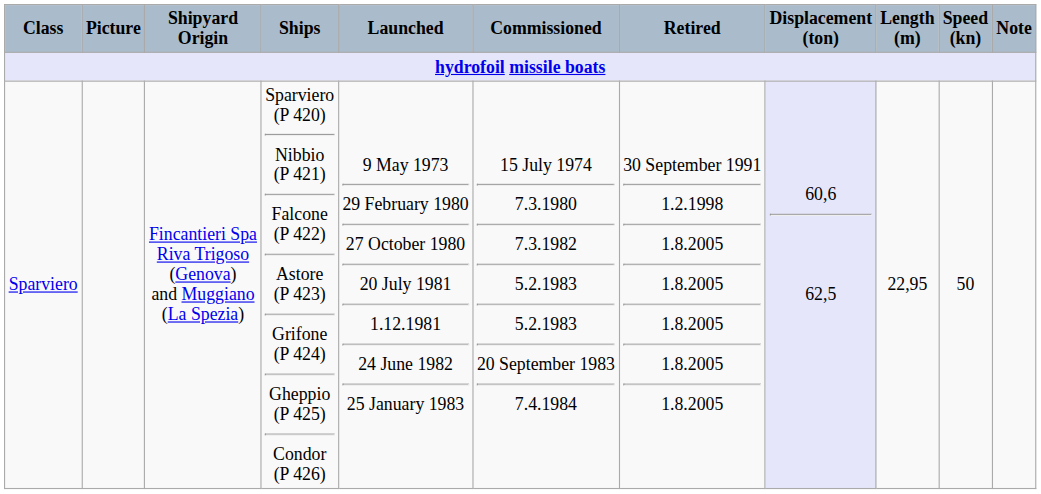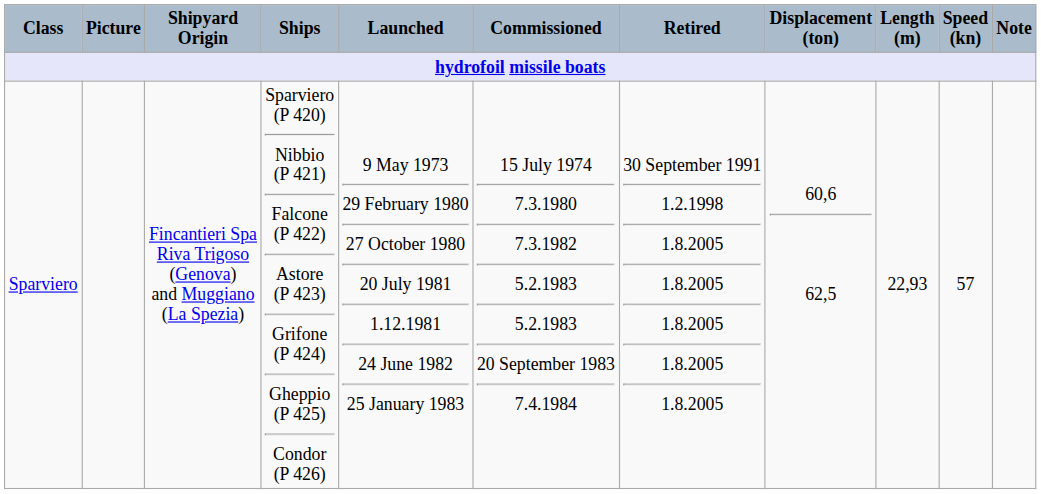 <table class="wikitable" style="text-align:center;">
 <tr>
 <th style="text-align: central; background: #aabccc;">Class</th>
 <th style="text-align: central; background: #aabccc;">Picture</th>
 <th style="text-align: central; background: #aabccc;">Shipyard<br>Origin</th>
 <th style="text-align: central; background: #aabccc;">Ships</th>
 <th style="text-align: central; background: #aabccc;">Launched</th>
 <th style="text-align: central; background: #aabccc;">Commissioned</th>
 <th style="text-align: central; background: #aabccc;">Retired</th>
 <th style="text-align: central; background: #aabccc;">Displacement<br>(ton)</th>
 <th style="text-align: central; background: #aabccc;">Length<br>(m)</th>
 <th style="text-align: central; background: #aabccc;">Speed<br>(kn)</th>
 <th style="text-align: central; background: #aabccc;">Note</th>
 </tr>
 <tr>
 <th style="align: center; background: lavender;" colspan="11"><strong><a href='#'>hydrofoil</a> <a href='#'>missile boats</a></strong></th>
 </tr>
 <tr>
 <td><a href='#'>Sparviero</a><br></td>
 <td></td>
 <td><a href='#'>Fincantieri Spa</a><br><a href='#'>Riva Trigoso</a><br>(<a href='#'>Genova</a>)<br>and <a href='#'>Muggiano</a><br>(<a href='#'>La Spezia</a>)<br><br></td>
 <td>Sparviero<br>(P 420)<br> <hr>Nibbio<br>(P 421)<br> <hr>Falcone<br>(P 422)<br> <hr>Astore<br>(P 423)<hr>Grifone<br>(P 424)<hr>Gheppio<br>(P 425)<br> <hr>Condor<br>(P 426)</td>
 <td>9 May 1973<hr>29 February 1980<hr>27 October 1980<hr>20 July 1981<hr>1.12.1981<hr>24 June 1982<hr>25 January 1983</td>
 <td>15 July 1974<hr>7.3.1980<hr>7.3.1982<hr>5.2.1983<hr>5.2.1983<hr>20 September 1983<hr>7.4.1984</td>
 <td>30 September 1991<hr>1.2.1998<hr>1.8.2005<hr>1.8.2005<hr>1.8.2005<hr>1.8.2005<hr>1.8.2005</td>
-<td style="background: lavender;">60,6<hr><br><br><br>62,5<br><br><br><br><br></td>
-<td>22,95</td>
-<td>50</td>
+<td>60,6<hr><br><br><br>62,5<br><br><br><br><br></td>
+<td>22,93</td>
+<td>57</td>
 <td></td>
 </tr>
 </table>
